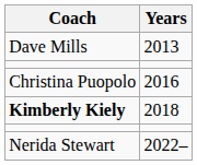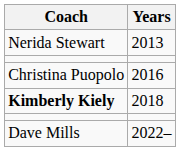 <table class="wikitable collapsible">
 <tr>
 <th>Coach</th>
 <th>Years</th>
 </tr>
 <tr>
-<td>Dave Mills</td>
+<td>Nerida Stewart</td>
 <td>2013</td>
 </tr>
 <tr>
 <td></td>
 </tr>
 <tr>
 <td>Christina Puopolo</td>
 <td>2016</td>
 </tr>
 <tr>
 <td><strong>Kimberly Kiely</strong></td>
 <td>2018</td>
 </tr>
 <tr>
 <td></td>
 </tr>
 <tr>
-<td>Nerida Stewart</td>
+<td>Dave Mills</td>
 <td>2022–</td>
 </tr>
 <tr>
 </tr>
 </table>
